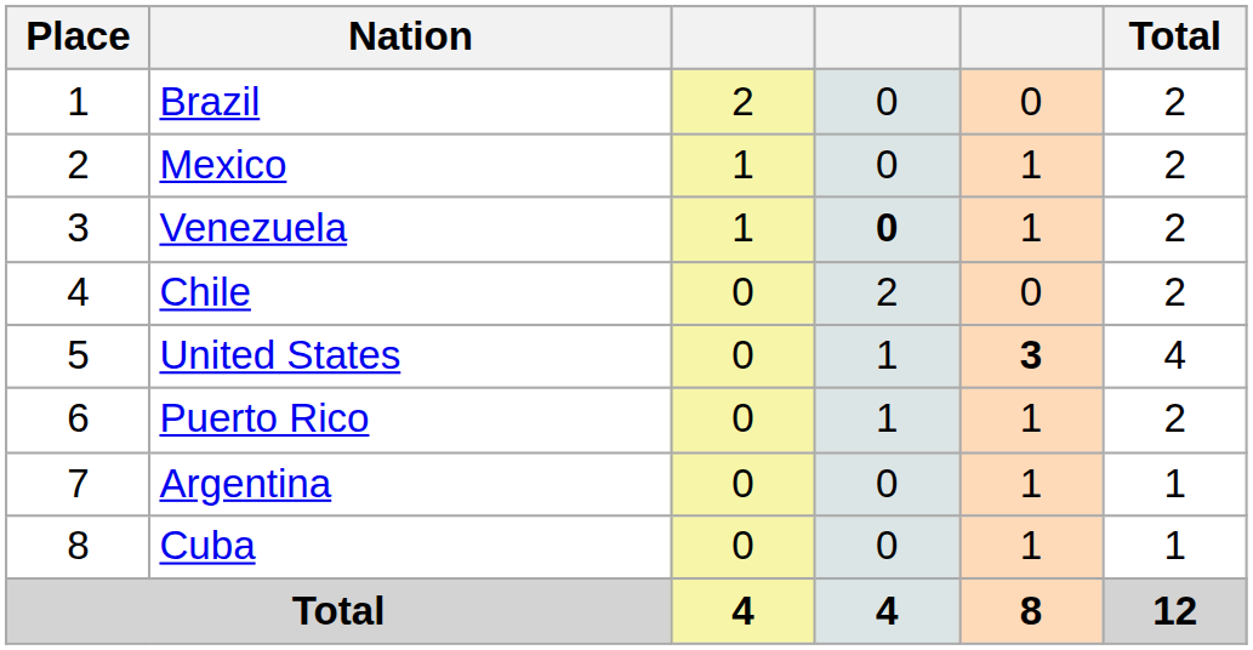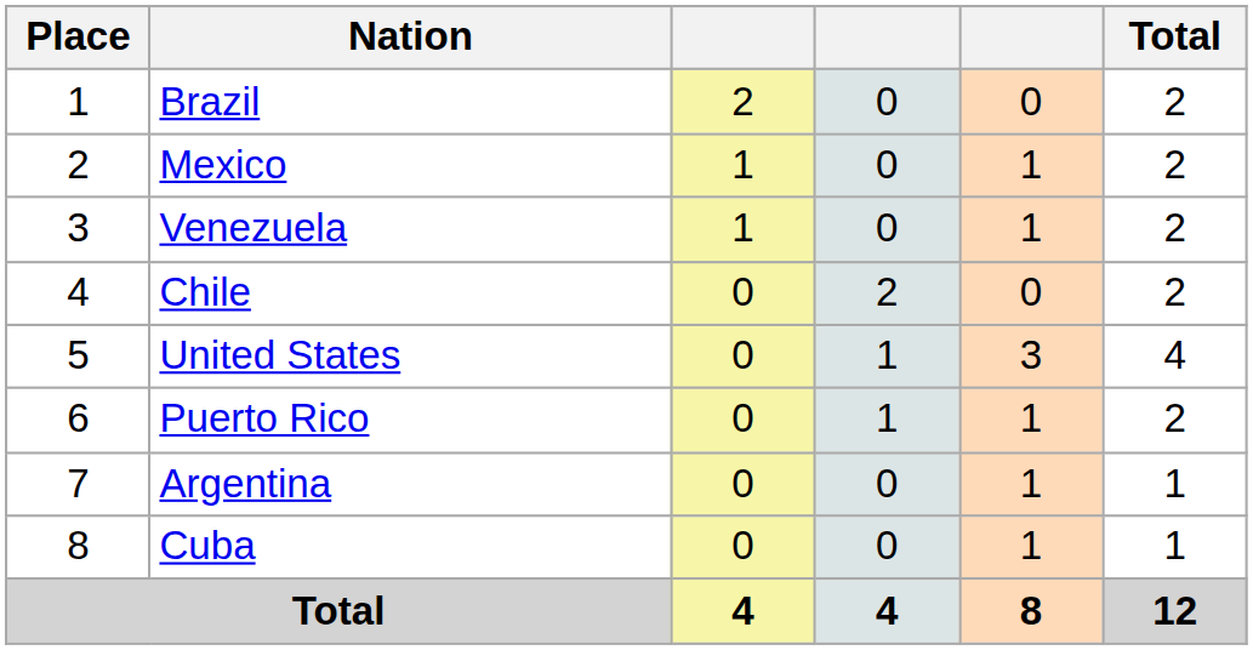 <table class="wikitable" style="border:1px solid #AAAAAA">
 <tr bgcolor="#EFEFEF">
 <th width=50>Place</th>
 <th width=200>Nation</th>
 <th width=50></th>
 <th width=50></th>
 <th width=50></th>
 <th width=50>Total</th>
 </tr>
 <tr align=center bgcolor="#FFFFFF">
 <td>1</td>
 <td align="left"> <a href='#'>Brazil</a></td>
 <td style="background:#F7F6A8;">2</td>
 <td style="background:#DCE5E5;">0</td>
 <td style="background:#FFDAB9;">0</td>
 <td>2</td>
 </tr>
 <tr align=center bgcolor="#FFFFFF">
 <td>2</td>
 <td align="left"> <a href='#'>Mexico</a></td>
 <td style="background:#F7F6A8;">1</td>
 <td style="background:#DCE5E5;">0</td>
 <td style="background:#FFDAB9;">1</td>
 <td>2</td>
 </tr>
 <tr align=center bgcolor="#FFFFFF">
 <td>3</td>
 <td align="left"> <a href='#'>Venezuela</a></td>
 <td style="background:#F7F6A8;">1</td>
-<td style="background:#DCE5E5;"><strong>0</strong></td>
+<td style="background:#DCE5E5;">0</td>
 <td style="background:#FFDAB9;">1</td>
 <td>2</td>
 </tr>
 <tr align=center bgcolor="#FFFFFF">
 <td>4</td>
 <td align="left"> <a href='#'>Chile</a></td>
 <td style="background:#F7F6A8;">0</td>
 <td style="background:#DCE5E5;">2</td>
 <td style="background:#FFDAB9;">0</td>
 <td>2</td>
 </tr>
 <tr align=center bgcolor="#FFFFFF">
 <td>5</td>
 <td align="left"> <a href='#'>United States</a></td>
 <td style="background:#F7F6A8;">0</td>
 <td style="background:#DCE5E5;">1</td>
-<td style="background:#FFDAB9;"><strong>3</strong></td>
+<td style="background:#FFDAB9;">3</td>
 <td>4</td>
 </tr>
 <tr align=center bgcolor="#FFFFFF">
 <td>6</td>
 <td align="left"> <a href='#'>Puerto Rico</a></td>
 <td style="background:#F7F6A8;">0</td>
 <td style="background:#DCE5E5;">1</td>
 <td style="background:#FFDAB9;">1</td>
 <td>2</td>
 </tr>
 <tr align=center bgcolor="#FFFFFF">
 <td>7</td>
 <td align="left"> <a href='#'>Argentina</a></td>
 <td style="background:#F7F6A8;">0</td>
 <td style="background:#DCE5E5;">0</td>
 <td style="background:#FFDAB9;">1</td>
 <td>1</td>
 </tr>
 <tr align=center bgcolor="#FFFFFF">
 <td>8</td>
 <td align="left"> <a href='#'>Cuba</a></td>
 <td style="background:#F7F6A8;">0</td>
 <td style="background:#DCE5E5;">0</td>
 <td style="background:#FFDAB9;">1</td>
 <td>1</td>
 </tr>
 <tr align="center">
 <td colspan="2" bgcolor=D3D3D3><strong>Total</strong></td>
 <td style="background:#F7F6A8;"><strong>4</strong></td>
 <td style="background:#DCE5E5;"><strong>4</strong></td>
 <td style="background:#FFDAB9;"><strong>8</strong></td>
 <td bgcolor=D3D3D3><strong>12</strong></td>
 </tr>
 </table>
